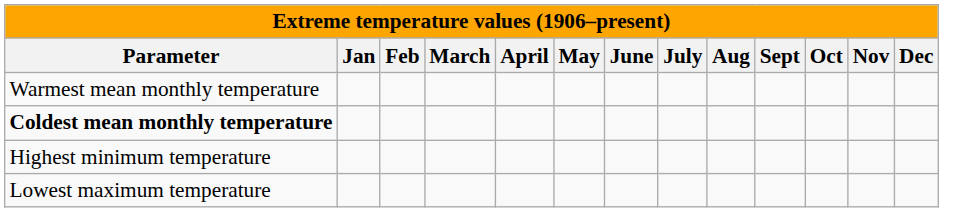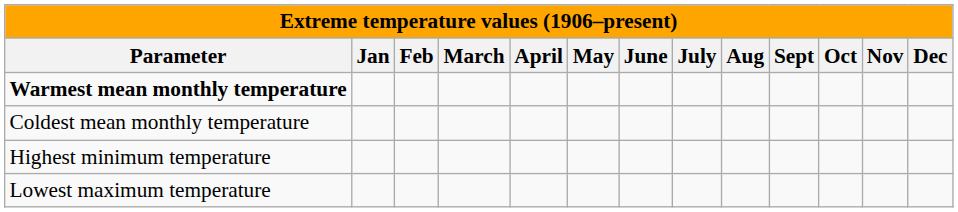 <table class="wikitable">
 <tr>
 <td colspan="14" style="background: orange; text-align:center;"><strong>Extreme temperature values (1906–present)</strong></td>
 </tr>
 <tr>
 <th>Parameter</th>
 <th>Jan</th>
 <th>Feb</th>
 <th>March</th>
 <th>April</th>
 <th>May</th>
 <th>June</th>
 <th>July</th>
 <th>Aug</th>
 <th>Sept</th>
 <th>Oct</th>
 <th>Nov</th>
 <th>Dec</th>
 </tr>
 <tr>
-<td>Warmest mean monthly temperature</td>
+<td><strong>Warmest mean monthly temperature</strong></td>
 <td></td>
 <td></td>
 <td></td>
 <td></td>
 <td></td>
 <td></td>
 <td></td>
 <td></td>
 <td></td>
 <td></td>
 <td></td>
 <td></td>
 </tr>
 <tr>
-<td><strong>Coldest mean monthly temperature</strong></td>
+<td>Coldest mean monthly temperature</td>
 <td></td>
 <td></td>
 <td></td>
 <td></td>
 <td></td>
 <td></td>
 <td></td>
 <td></td>
 <td></td>
 <td></td>
 <td></td>
 <td></td>
 </tr>
 <tr>
 <td>Highest minimum temperature</td>
 <td></td>
 <td></td>
 <td></td>
 <td></td>
 <td></td>
 <td></td>
 <td></td>
 <td></td>
 <td></td>
 <td></td>
 <td></td>
 <td></td>
 </tr>
 <tr>
 <td>Lowest maximum temperature</td>
 <td></td>
 <td></td>
 <td></td>
 <td></td>
 <td></td>
 <td></td>
 <td></td>
 <td></td>
 <td></td>
 <td></td>
 <td></td>
 <td></td>
 </tr>
 </table>
